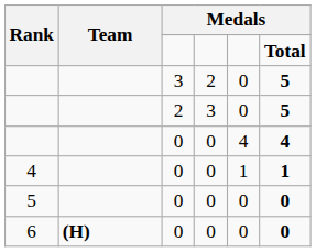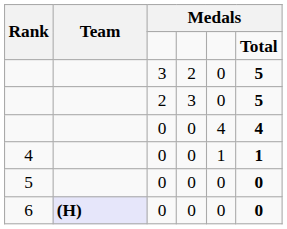 <table class="wikitable">
 <tr>
 <th rowspan=2>Rank</th>
 <th style="width:80px;" rowspan="2">Team</th>
 <th colspan=4>Medals</th>
 </tr>
 <tr>
 <td style="width:20px; text-align:center;"></td>
 <td style="width:20px; text-align:center;"></td>
 <td style="width:20px; text-align:center;"></td>
 <td><strong>Total</strong></td>
 </tr>
 <tr>
 <td align=center></td>
 <td></td>
 <td align=center>3</td>
 <td align=center>2</td>
 <td align=center>0</td>
 <td align=center><strong>5</strong></td>
 </tr>
 <tr>
 <td align=center></td>
 <td></td>
 <td align=center>2</td>
 <td align=center>3</td>
 <td align=center>0</td>
 <td align=center><strong>5</strong></td>
 </tr>
 <tr>
 <td align=center></td>
 <td></td>
 <td align=center>0</td>
 <td align=center>0</td>
 <td align=center>4</td>
 <td align=center><strong>4</strong></td>
 </tr>
 <tr>
 <td align=center>4</td>
 <td></td>
 <td align=center>0</td>
 <td align=center>0</td>
 <td align=center>1</td>
 <td align=center><strong>1</strong></td>
 </tr>
 <tr>
 <td align=center>5</td>
 <td></td>
 <td align=center>0</td>
 <td align=center>0</td>
 <td align=center>0</td>
 <td align=center><strong>0</strong></td>
 </tr>
 <tr>
 <td align=center>6</td>
-<td> <strong>(H)</strong></td>
+<td style="background: lavender;"> <strong>(H)</strong></td>
 <td align=center>0</td>
 <td align=center>0</td>
 <td align=center>0</td>
 <td align=center><strong>0</strong></td>
 </tr>
 </table>
